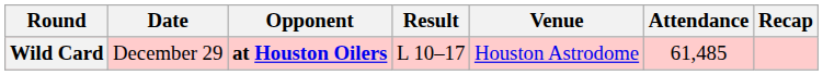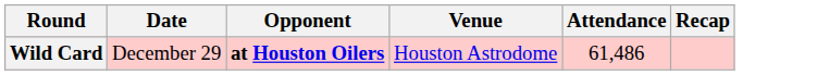 <table class="wikitable" style="text-align:center">
 <tr>
 <th>Round</th>
 <th>Date</th>
 <th>Opponent</th>
-<th>Result</th>
 <th>Venue</th>
 <th>Attendance</th>
 <th>Recap</th>
 </tr>
 <tr style="background:#fcc">
 <th>Wild Card</th>
 <td>December 29</td>
 <td><strong>at <a href='#'>Houston Oilers</a></strong></td>
-<td>L 10–17</td>
 <td><a href='#'>Houston Astrodome</a></td>
-<td>61,485</td>
+<td>61,486</td>
 <td></td>
 </tr>
 </table>
